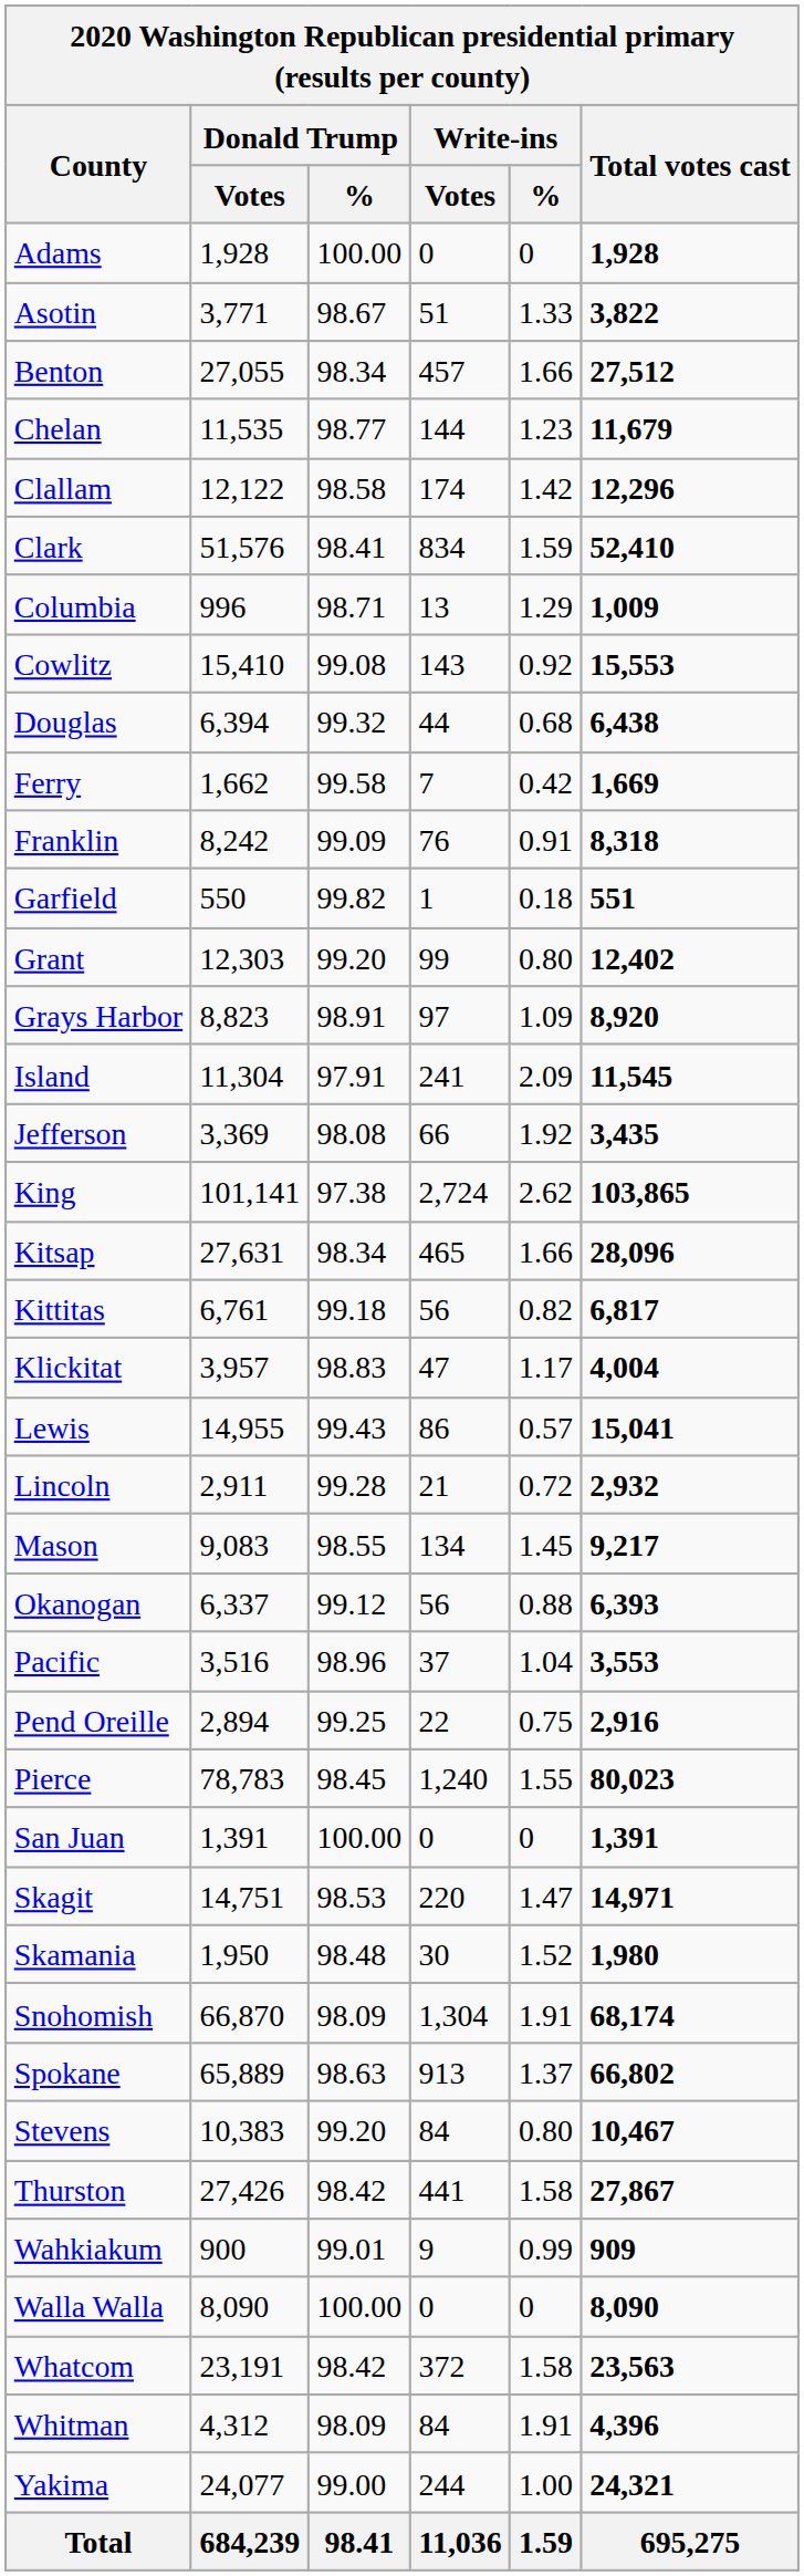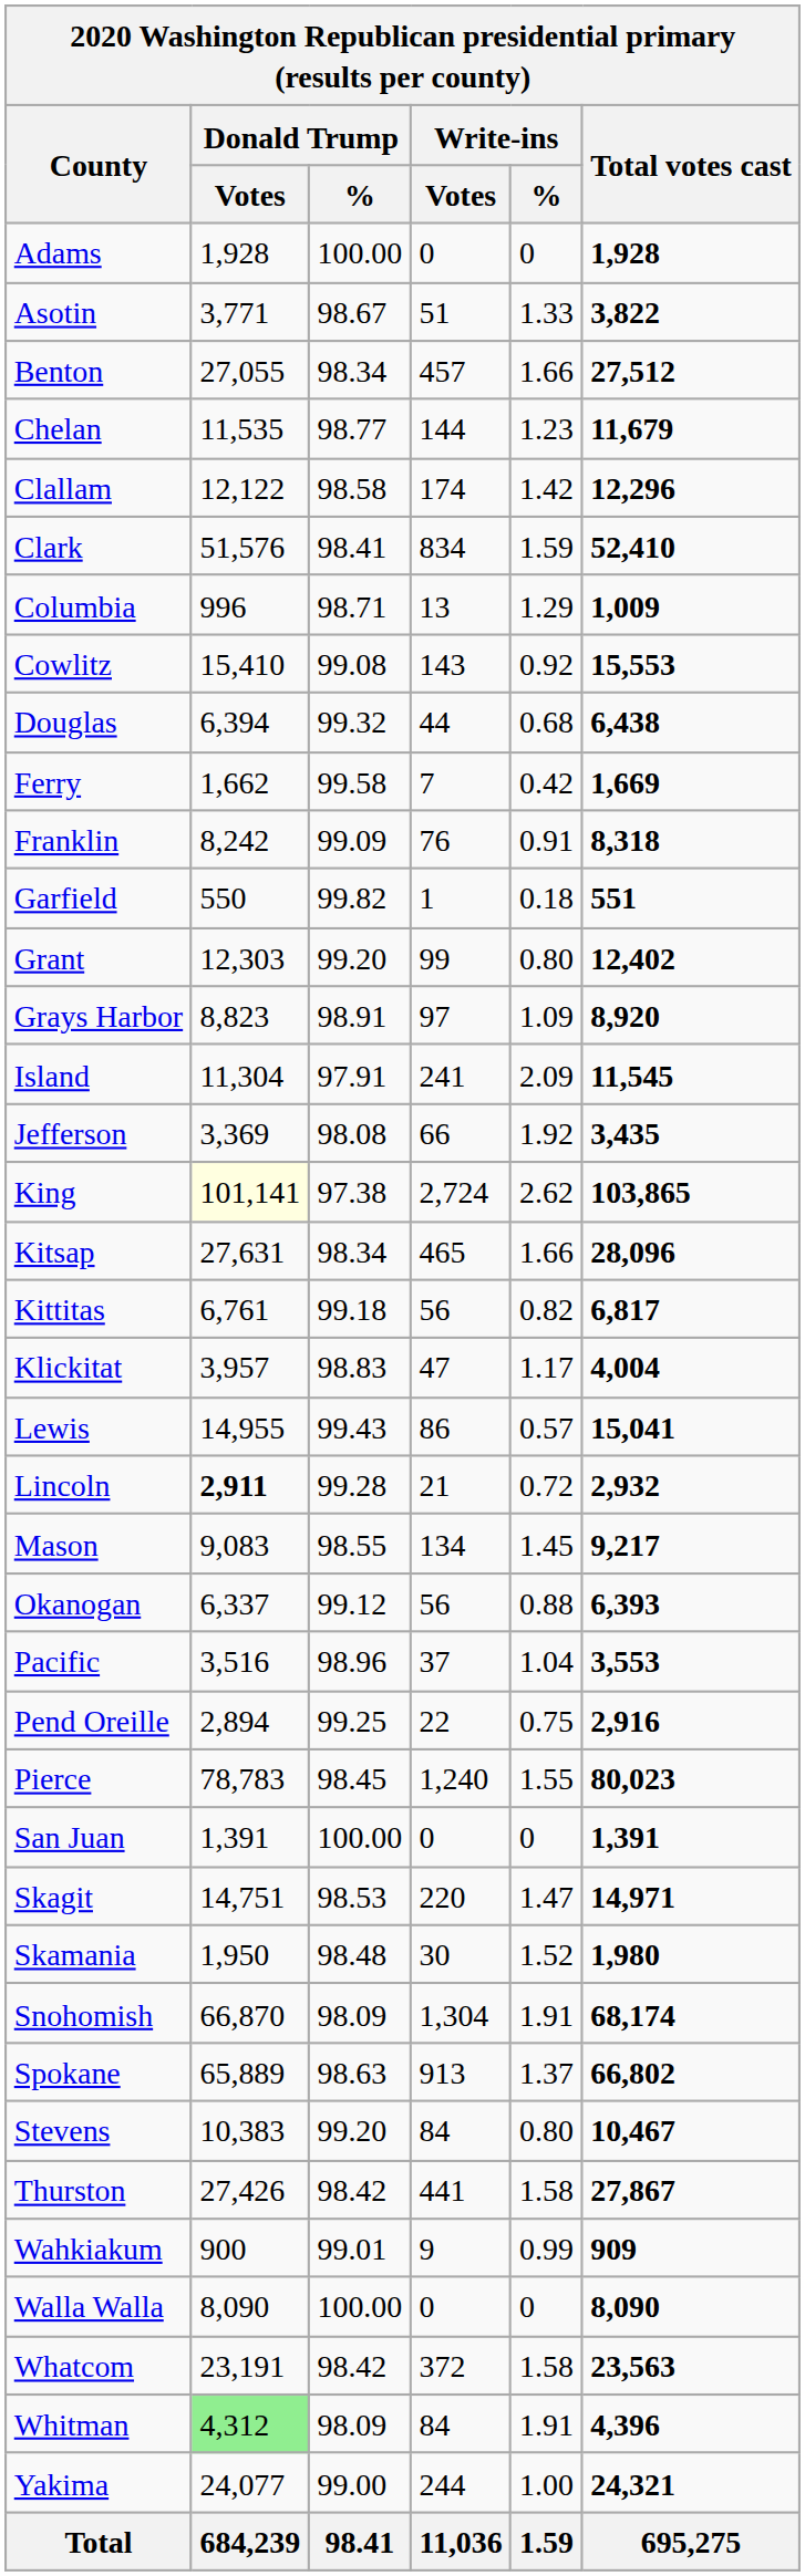 <table class="wikitable sortable mw-collapsible mw-collapsed">
 <tr>
 <th colspan="6"><small>2020 Washington Republican presidential primary</small><br><small>(results per county)</small></th>
 </tr>
 <tr>
 <th rowspan="2"><small>County</small></th>
 <th colspan="2"><small>Donald Trump</small></th>
 <th colspan="2"><small>Write-ins</small></th>
 <th rowspan="2"><small>Total votes cast</small></th>
 </tr>
 <tr>
 <th><small>Votes</small></th>
 <th><small>%</small></th>
 <th><small>Votes</small></th>
 <th><small>%</small></th>
 </tr>
 <tr>
 <td><a href='#'><small>Adams</small></a></td>
 <td><small>1,928</small></td>
 <td><small>100.00</small></td>
 <td><small>0</small></td>
 <td><small>0</small></td>
 <td><strong><small>1,928</small></strong></td>
 </tr>
 <tr>
 <td><a href='#'><small>Asotin</small></a></td>
 <td><small>3,771</small></td>
 <td><small>98.67</small></td>
 <td><small>51</small></td>
 <td><small>1.33</small></td>
 <td><strong><small>3,822</small></strong></td>
 </tr>
 <tr>
 <td><a href='#'><small>Benton</small></a></td>
 <td><small>27,055</small></td>
 <td><small>98.34</small></td>
 <td><small>457</small></td>
 <td><small>1.66</small></td>
 <td><strong><small>27,512</small></strong></td>
 </tr>
 <tr>
 <td><a href='#'><small>Chelan</small></a></td>
 <td><small>11,535</small></td>
 <td><small>98.77</small></td>
 <td><small>144</small></td>
 <td><small>1.23</small></td>
 <td><strong><small>11,679</small></strong></td>
 </tr>
 <tr>
 <td><a href='#'><small>Clallam</small></a></td>
 <td><small>12,122</small></td>
 <td><small>98.58</small></td>
 <td><small>174</small></td>
 <td><small>1.42</small></td>
 <td><strong><small>12,296</small></strong></td>
 </tr>
 <tr>
 <td><a href='#'><small>Clark</small></a></td>
 <td><small>51,576</small></td>
 <td><small>98.41</small></td>
 <td><small>834</small></td>
 <td><small>1.59</small></td>
 <td><strong><small>52,410</small></strong></td>
 </tr>
 <tr>
 <td><a href='#'><small>Columbia</small></a></td>
 <td><small>996</small></td>
 <td><small>98.71</small></td>
 <td><small>13</small></td>
 <td><small>1.29</small></td>
 <td><strong><small>1,009</small></strong></td>
 </tr>
 <tr>
 <td><a href='#'><small>Cowlitz</small></a></td>
 <td><small>15,410</small></td>
 <td><small>99.08</small></td>
 <td><small>143</small></td>
 <td><small>0.92</small></td>
 <td><strong><small>15,553</small></strong></td>
 </tr>
 <tr>
 <td><a href='#'><small>Douglas</small></a></td>
 <td><small>6,394</small></td>
 <td><small>99.32</small></td>
 <td><small>44</small></td>
 <td><small>0.68</small></td>
 <td><strong><small>6,438</small></strong></td>
 </tr>
 <tr>
 <td><a href='#'><small>Ferry</small></a></td>
 <td><small>1,662</small></td>
 <td><small>99.58</small></td>
 <td><small>7</small></td>
 <td><small>0.42</small></td>
 <td><strong><small>1,669</small></strong></td>
 </tr>
 <tr>
 <td><a href='#'><small>Franklin</small></a></td>
 <td><small>8,242</small></td>
 <td><small>99.09</small></td>
 <td><small>76</small></td>
 <td><small>0.91</small></td>
 <td><strong><small>8,318</small></strong></td>
 </tr>
 <tr>
 <td><a href='#'><small>Garfield</small></a></td>
 <td><small>550</small></td>
 <td><small>99.82</small></td>
 <td><small>1</small></td>
 <td><small>0.18</small></td>
 <td><strong><small>551</small></strong></td>
 </tr>
 <tr>
 <td><a href='#'><small>Grant</small></a></td>
 <td><small>12,303</small></td>
 <td><small>99.20</small></td>
 <td><small>99</small></td>
 <td><small>0.80</small></td>
 <td><strong><small>12,402</small></strong></td>
 </tr>
 <tr>
 <td><a href='#'><small>Grays Harbor</small></a></td>
 <td><small>8,823</small></td>
 <td><small>98.91</small></td>
 <td><small>97</small></td>
 <td><small>1.09</small></td>
 <td><strong><small>8,920</small></strong></td>
 </tr>
 <tr>
 <td><a href='#'><small>Island</small></a></td>
 <td><small>11,304</small></td>
 <td><small>97.91</small></td>
 <td><small>241</small></td>
 <td><small>2.09</small></td>
 <td><strong><small>11,545</small></strong></td>
 </tr>
 <tr>
 <td><a href='#'><small>Jefferson</small></a></td>
 <td><small>3,369</small></td>
 <td><small>98.08</small></td>
 <td><small>66</small></td>
 <td><small>1.92</small></td>
 <td><strong><small>3,435</small></strong></td>
 </tr>
 <tr>
 <td><a href='#'><small>King</small></a></td>
-<td><small>101,141</small></td>
+<td style="background: lightyellow;"><small>101,141</small></td>
 <td><small>97.38</small></td>
 <td><small>2,724</small></td>
 <td><small>2.62</small></td>
 <td><strong><small>103,865</small></strong></td>
 </tr>
 <tr>
 <td><a href='#'><small>Kitsap</small></a></td>
 <td><small>27,631</small></td>
 <td><small>98.34</small></td>
 <td><small>465</small></td>
 <td><small>1.66</small></td>
 <td><strong><small>28,096</small></strong></td>
 </tr>
 <tr>
 <td><a href='#'><small>Kittitas</small></a></td>
 <td><small>6,761</small></td>
 <td><small>99.18</small></td>
 <td><small>56</small></td>
 <td><small>0.82</small></td>
 <td><strong><small>6,817</small></strong></td>
 </tr>
 <tr>
 <td><a href='#'><small>Klickitat</small></a></td>
 <td><small>3,957</small></td>
 <td><small>98.83</small></td>
 <td><small>47</small></td>
 <td><small>1.17</small></td>
 <td><strong><small>4,004</small></strong></td>
 </tr>
 <tr>
 <td><a href='#'><small>Lewis</small></a></td>
 <td><small>14,955</small></td>
 <td><small>99.43</small></td>
 <td><small>86</small></td>
 <td><small>0.57</small></td>
 <td><strong><small>15,041</small></strong></td>
 </tr>
 <tr>
 <td><a href='#'><small>Lincoln</small></a></td>
-<td><small>2,911</small></td>
+<td><strong><small>2,911</small></strong></td>
 <td><small>99.28</small></td>
 <td><small>21</small></td>
 <td><small>0.72</small></td>
 <td><strong><small>2,932</small></strong></td>
 </tr>
 <tr>
 <td><a href='#'><small>Mason</small></a></td>
 <td><small>9,083</small></td>
 <td><small>98.55</small></td>
 <td><small>134</small></td>
 <td><small>1.45</small></td>
 <td><strong><small>9,217</small></strong></td>
 </tr>
 <tr>
 <td><a href='#'><small>Okanogan</small></a></td>
 <td><small>6,337</small></td>
 <td><small>99.12</small></td>
 <td><small>56</small></td>
 <td><small>0.88</small></td>
 <td><strong><small>6,393</small></strong></td>
 </tr>
 <tr>
 <td><a href='#'><small>Pacific</small></a></td>
 <td><small>3,516</small></td>
 <td><small>98.96</small></td>
 <td><small>37</small></td>
 <td><small>1.04</small></td>
 <td><strong><small>3,553</small></strong></td>
 </tr>
 <tr>
 <td><a href='#'><small>Pend Oreille</small></a></td>
 <td><small>2,894</small></td>
 <td><small>99.25</small></td>
 <td><small>22</small></td>
 <td><small>0.75</small></td>
 <td><strong><small>2,916</small></strong></td>
 </tr>
 <tr>
 <td><a href='#'><small>Pierce</small></a></td>
 <td><small>78,783</small></td>
 <td><small>98.45</small></td>
 <td><small>1,240</small></td>
 <td><small>1.55</small></td>
 <td><strong><small>80,023</small></strong></td>
 </tr>
 <tr>
 <td><a href='#'><small>San Juan</small></a></td>
 <td><small>1,391</small></td>
 <td><small>100.00</small></td>
 <td><small>0</small></td>
 <td><small>0</small></td>
 <td><strong><small>1,391</small></strong></td>
 </tr>
 <tr>
 <td><a href='#'><small>Skagit</small></a></td>
 <td><small>14,751</small></td>
 <td><small>98.53</small></td>
 <td><small>220</small></td>
 <td><small>1.47</small></td>
 <td><strong><small>14,971</small></strong></td>
 </tr>
 <tr>
 <td><a href='#'><small>Skamania</small></a></td>
 <td><small>1,950</small></td>
 <td><small>98.48</small></td>
 <td><small>30</small></td>
 <td><small>1.52</small></td>
 <td><strong><small>1,980</small></strong></td>
 </tr>
 <tr>
 <td><a href='#'><small>Snohomish</small></a></td>
 <td><small>66,870</small></td>
 <td><small>98.09</small></td>
 <td><small>1,304</small></td>
 <td><small>1.91</small></td>
 <td><strong><small>68,174</small></strong></td>
 </tr>
 <tr>
 <td><a href='#'><small>Spokane</small></a></td>
 <td><small>65,889</small></td>
 <td><small>98.63</small></td>
 <td><small>913</small></td>
 <td><small>1.37</small></td>
 <td><strong><small>66,802</small></strong></td>
 </tr>
 <tr>
 <td><a href='#'><small>Stevens</small></a></td>
 <td><small>10,383</small></td>
 <td><small>99.20</small></td>
 <td><small>84</small></td>
 <td><small>0.80</small></td>
 <td><strong><small>10,467</small></strong></td>
 </tr>
 <tr>
 <td><a href='#'><small>Thurston</small></a></td>
 <td><small>27,426</small></td>
 <td><small>98.42</small></td>
 <td><small>441</small></td>
 <td><small>1.58</small></td>
 <td><strong><small>27,867</small></strong></td>
 </tr>
 <tr>
 <td><a href='#'><small>Wahkiakum</small></a></td>
 <td><small>900</small></td>
 <td><small>99.01</small></td>
 <td><small>9</small></td>
 <td><small>0.99</small></td>
 <td><strong><small>909</small></strong></td>
 </tr>
 <tr>
 <td><a href='#'><small>Walla Walla</small></a></td>
 <td><small>8,090</small></td>
 <td><small>100.00</small></td>
 <td><small>0</small></td>
 <td><small>0</small></td>
 <td><strong><small>8,090</small></strong></td>
 </tr>
 <tr>
 <td><a href='#'><small>Whatcom</small></a></td>
 <td><small>23,191</small></td>
 <td><small>98.42</small></td>
 <td><small>372</small></td>
 <td><small>1.58</small></td>
 <td><strong><small>23,563</small></strong></td>
 </tr>
 <tr>
 <td><a href='#'><small>Whitman</small></a></td>
-<td><small>4,312</small></td>
+<td style="background: lightgreen;"><small>4,312</small></td>
 <td><small>98.09</small></td>
 <td><small>84</small></td>
 <td><small>1.91</small></td>
 <td><strong><small>4,396</small></strong></td>
 </tr>
 <tr>
 <td><a href='#'><small>Yakima</small></a></td>
 <td><small>24,077</small></td>
 <td><small>99.00</small></td>
 <td><small>244</small></td>
 <td><small>1.00</small></td>
 <td><strong><small>24,321</small></strong></td>
 </tr>
 <tr>
 <th><small>Total</small></th>
 <th><strong><small>684,239</small></strong></th>
 <th><small>98.41</small></th>
 <th><strong><small>11,036</small></strong></th>
 <th><small>1.59</small></th>
 <th><strong><small>695,275</small></strong></th>
 </tr>
 </table>
